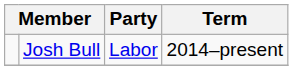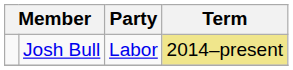 <table class="wikitable">
 <tr>
 <th colspan="2">Member</th>
 <th>Party</th>
 <th>Term</th>
 </tr>
 <tr>
 <td> </td>
 <td><a href='#'>Josh Bull</a></td>
 <td><a href='#'>Labor</a></td>
-<td>2014–present</td>
+<td style="background: khaki;">2014–present</td>
 </tr>
 <tr>
 </tr>
 </table>
